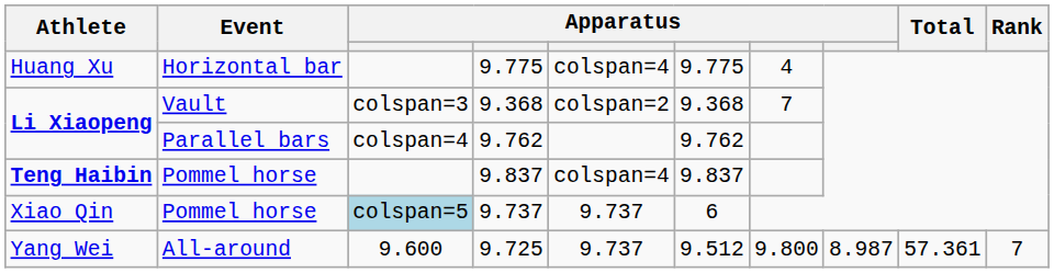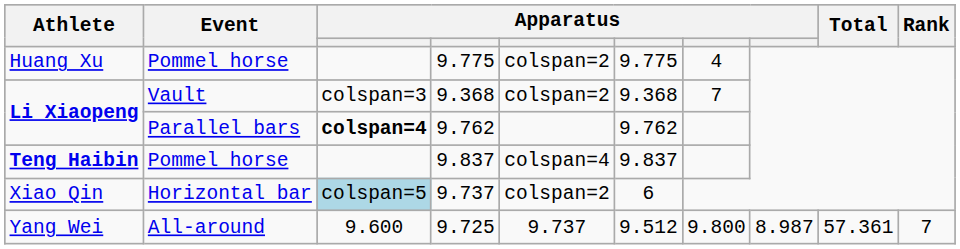 <table class="wikitable" style="font-size:90%">
 <tr>
 <th rowspan=2>Athlete</th>
 <th rowspan=2>Event</th>
 <th colspan =6>Apparatus</th>
 <th rowspan=2>Total</th>
 <th rowspan=2>Rank</th>
 </tr>
 <tr style="font-size:95%">
 <th></th>
 <th></th>
 <th></th>
 <th></th>
 <th></th>
 <th></th>
 </tr>
 <tr align=center>
 <td align=left><a href='#'>Huang Xu</a></td>
-<td align=left><a href='#'>Horizontal bar</a></td>
+<td align=left><a href='#'>Pommel horse</a></td>
 <td></td>
 <td>9.775</td>
-<td>colspan=4 </td>
+<td>colspan=2 </td>
 <td>9.775</td>
 <td>4</td>
 </tr>
 <tr align=center>
 <td style="text-align:left;" rowspan="2"><strong><a href='#'>Li Xiaopeng</a></strong></td>
 <td align=left><a href='#'>Vault</a></td>
 <td>colspan=3 </td>
 <td>9.368</td>
 <td>colspan=2 </td>
 <td>9.368</td>
 <td>7</td>
 </tr>
 <tr align=center>
 <td align=left><a href='#'>Parallel bars</a></td>
-<td>colspan=4 </td>
+<td><strong>colspan=4 </strong></td>
 <td>9.762</td>
 <td></td>
 <td>9.762</td>
 <td></td>
 </tr>
 <tr align=center>
 <td align=left><strong><a href='#'>Teng Haibin</a></strong></td>
 <td align=left><a href='#'>Pommel horse</a></td>
 <td></td>
 <td>9.837</td>
 <td>colspan=4 </td>
 <td>9.837</td>
 <td></td>
 </tr>
 <tr align=center>
 <td align=left><a href='#'>Xiao Qin</a></td>
-<td align=left><a href='#'>Pommel horse</a></td>
+<td align=left><a href='#'>Horizontal bar</a></td>
 <td style="background: lightblue;">colspan=5 </td>
 <td>9.737</td>
-<td>9.737</td>
+<td>colspan=2 </td>
 <td>6</td>
 </tr>
 <tr align=center>
 <td align=left><a href='#'>Yang Wei</a></td>
 <td align=left><a href='#'>All-around</a></td>
 <td>9.600</td>
 <td>9.725</td>
 <td>9.737</td>
 <td>9.512</td>
 <td>9.800</td>
 <td>8.987</td>
 <td>57.361</td>
 <td>7</td>
 </tr>
 </table>
